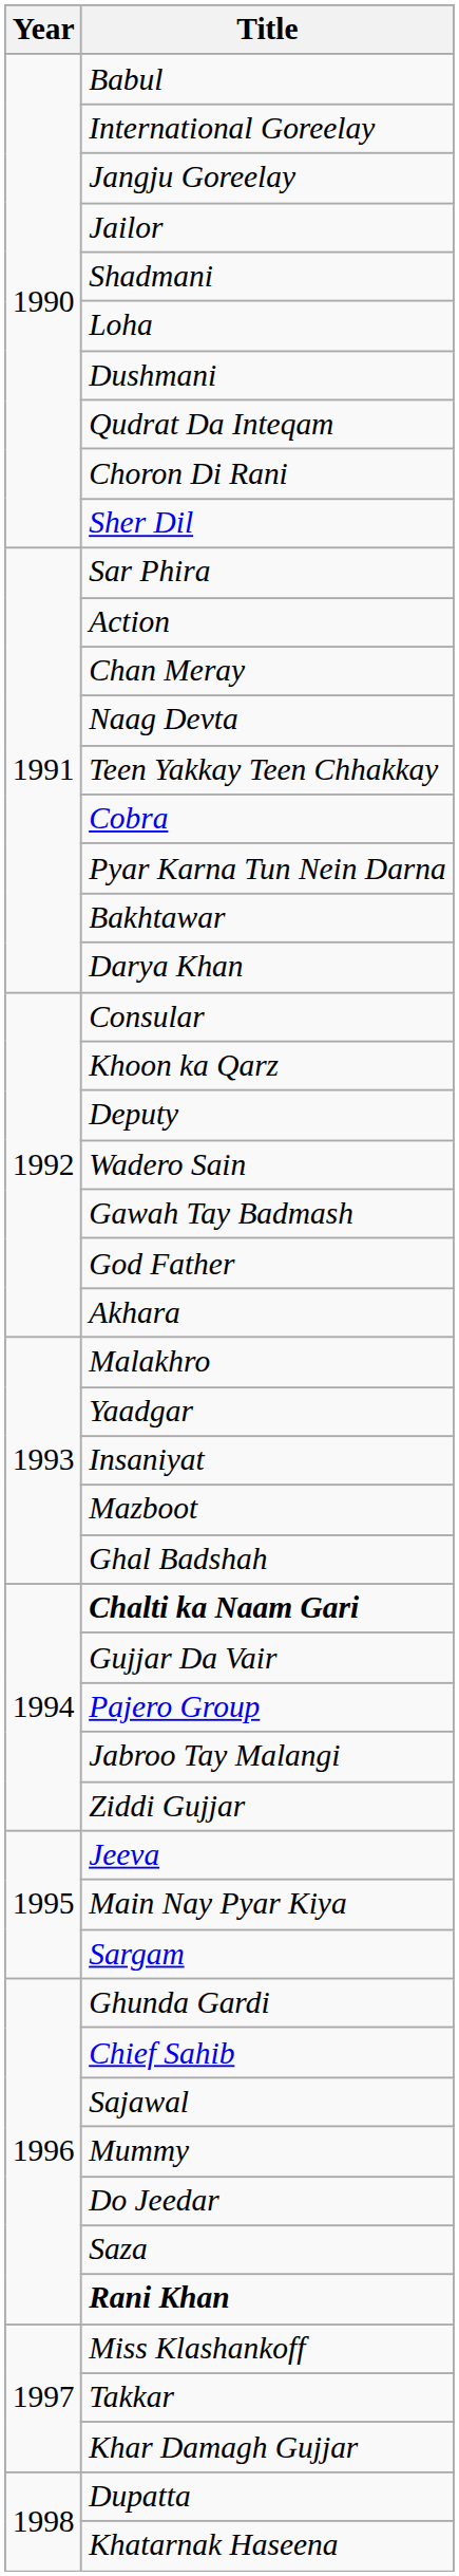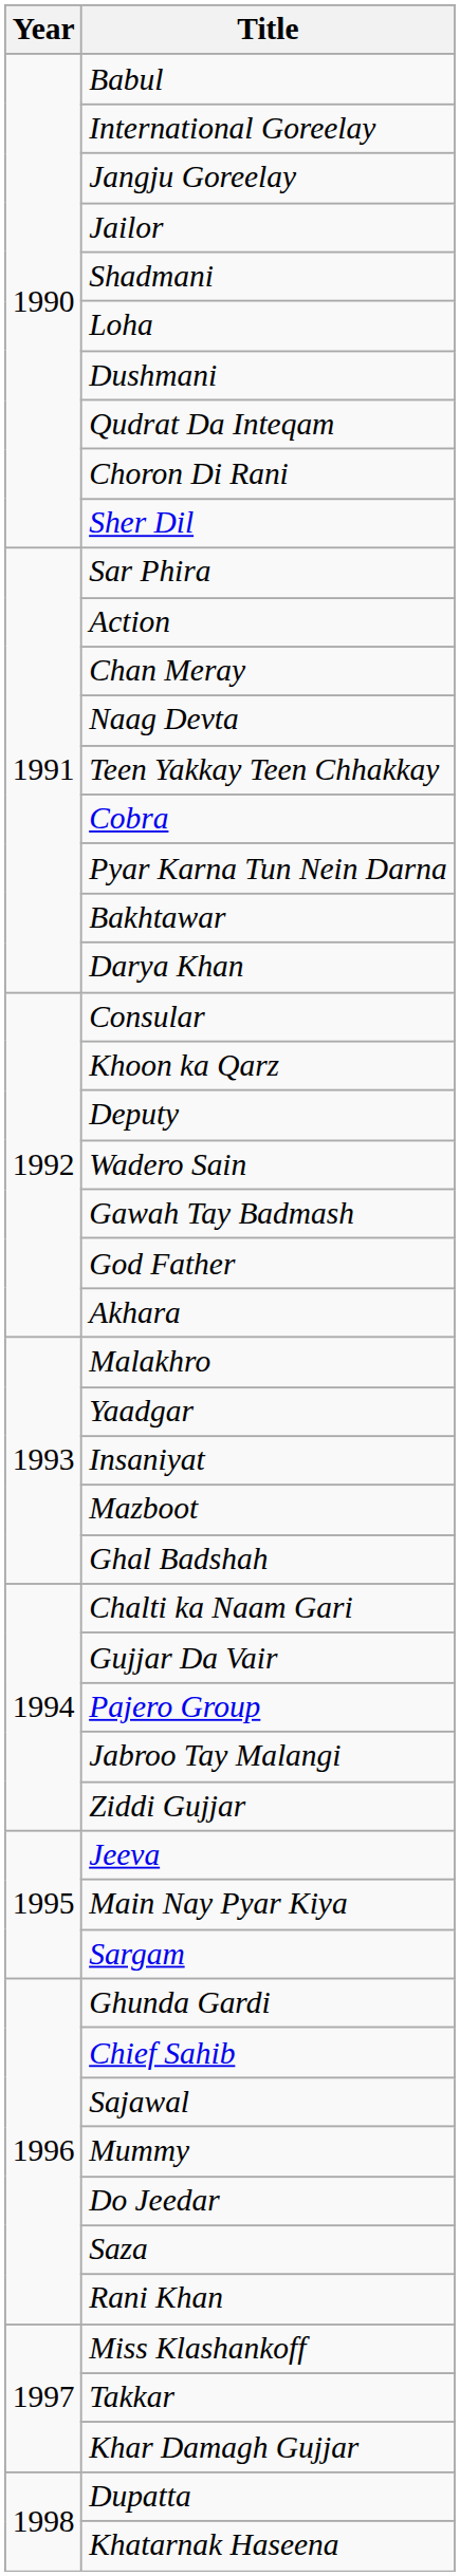 <table class="wikitable sortable">
 <tr>
 <th>Year</th>
 <th>Title</th>
 </tr>
 <tr>
 <td rowspan = "10">1990</td>
 <td><em>Babul</em></td>
 </tr>
 <tr>
 <td><em>International Goreelay</em></td>
 </tr>
 <tr>
 <td><em>Jangju Goreelay</em></td>
 </tr>
 <tr>
 <td><em>Jailor</em></td>
 </tr>
 <tr>
 <td><em>Shadmani</em></td>
 </tr>
 <tr>
 <td><em>Loha</em></td>
 </tr>
 <tr>
 <td><em>Dushmani</em></td>
 </tr>
 <tr>
 <td><em>Qudrat Da Inteqam</em></td>
 </tr>
 <tr>
 <td><em>Choron Di Rani</em></td>
 </tr>
 <tr>
 <td><em><a href='#'>Sher Dil</a></em></td>
 </tr>
 <tr>
 <td rowspan = "9">1991</td>
 <td><em>Sar Phira</em></td>
 </tr>
 <tr>
 <td><em>Action</em></td>
 </tr>
 <tr>
 <td><em>Chan Meray</em></td>
 </tr>
 <tr>
 <td><em>Naag Devta</em></td>
 </tr>
 <tr>
 <td><em>Teen Yakkay Teen Chhakkay</em></td>
 </tr>
 <tr>
 <td><em><a href='#'>Cobra</a></em></td>
 </tr>
 <tr>
 <td><em>Pyar Karna Tun Nein Darna</em></td>
 </tr>
 <tr>
 <td><em>Bakhtawar</em></td>
 </tr>
 <tr>
 <td><em>Darya Khan</em></td>
 </tr>
 <tr>
 <td rowspan = "7">1992</td>
 <td><em>Consular</em></td>
 </tr>
 <tr>
 <td><em>Khoon ka Qarz</em></td>
 </tr>
 <tr>
 <td><em>Deputy</em></td>
 </tr>
 <tr>
 <td><em>Wadero Sain</em></td>
 </tr>
 <tr>
 <td><em>Gawah Tay Badmash</em></td>
 </tr>
 <tr>
 <td><em>God Father</em></td>
 </tr>
 <tr>
 <td><em>Akhara</em></td>
 </tr>
 <tr>
 <td rowspan = "5">1993</td>
 <td><em>Malakhro</em></td>
 </tr>
 <tr>
 <td><em>Yaadgar</em></td>
 </tr>
 <tr>
 <td><em>Insaniyat</em></td>
 </tr>
 <tr>
 <td><em>Mazboot</em></td>
 </tr>
 <tr>
 <td><em>Ghal Badshah</em></td>
 </tr>
 <tr>
 <td rowspan = "5">1994</td>
-<td><strong><em>Chalti ka Naam Gari</em></strong></td>
+<td><em>Chalti ka Naam Gari</em></td>
 </tr>
 <tr>
 <td><em>Gujjar Da Vair</em></td>
 </tr>
 <tr>
 <td><em><a href='#'>Pajero Group</a></em></td>
 </tr>
 <tr>
 <td><em>Jabroo Tay Malangi</em></td>
 </tr>
 <tr>
 <td><em>Ziddi Gujjar</em></td>
 </tr>
 <tr>
 <td rowspan = "3">1995</td>
 <td><em><a href='#'>Jeeva</a></em></td>
 </tr>
 <tr>
 <td><em>Main Nay Pyar Kiya</em></td>
 </tr>
 <tr>
 <td><em><a href='#'>Sargam</a></em></td>
 </tr>
 <tr>
 <td rowspan = "7">1996</td>
 <td><em>Ghunda Gardi</em></td>
 </tr>
 <tr>
 <td><em><a href='#'>Chief Sahib</a></em></td>
 </tr>
 <tr>
 <td><em>Sajawal</em></td>
 </tr>
 <tr>
 <td><em>Mummy</em></td>
 </tr>
 <tr>
 <td><em>Do Jeedar</em></td>
 </tr>
 <tr>
 <td><em>Saza</em></td>
 </tr>
 <tr>
-<td><strong><em>Rani Khan</em></strong></td>
+<td><em>Rani Khan</em></td>
 </tr>
 <tr>
 <td rowspan = "3">1997</td>
 <td><em>Miss Klashankoff</em></td>
 </tr>
 <tr>
 <td><em>Takkar</em></td>
 </tr>
 <tr>
 <td><em>Khar Damagh Gujjar</em></td>
 </tr>
 <tr>
 <td rowspan = "2">1998</td>
 <td><em>Dupatta</em></td>
 </tr>
 <tr>
 <td><em>Khatarnak Haseena</em></td>
 </tr>
 </table>
